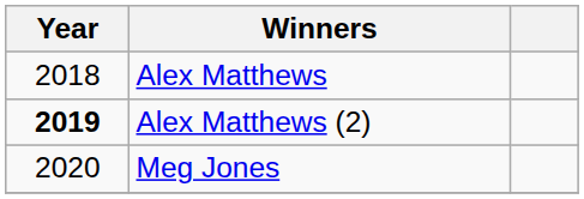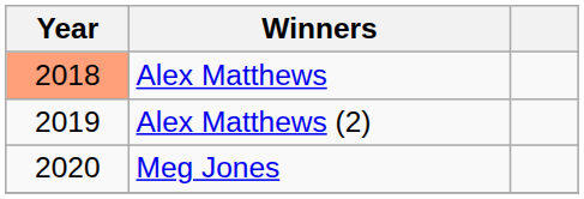 <table class="wikitable">
 <tr>
 <th width=60>Year</th>
 <th width=200>Winners</th>
 <th width=30></th>
 </tr>
 <tr>
-<td align=center>2018</td>
+<td align=center style="background: lightsalmon;">2018</td>
 <td><a href='#'>Alex Matthews</a></td>
 <td align=center></td>
 </tr>
 <tr>
-<td align=center><strong>2019</strong></td>
+<td align=center>2019</td>
 <td><a href='#'>Alex Matthews</a> (2)</td>
 <td align=center></td>
 </tr>
 <tr>
 <td align=center>2020</td>
 <td><a href='#'>Meg Jones</a></td>
 <td align=center></td>
 </tr>
 <tr>
 </tr>
 </table>
